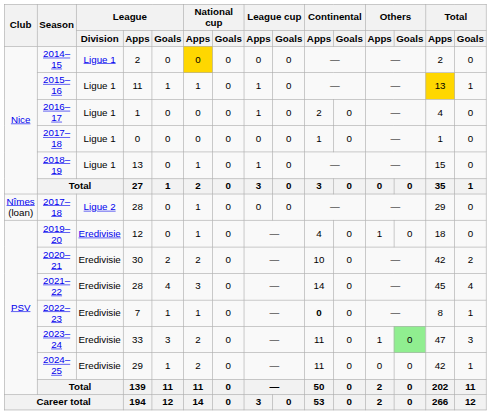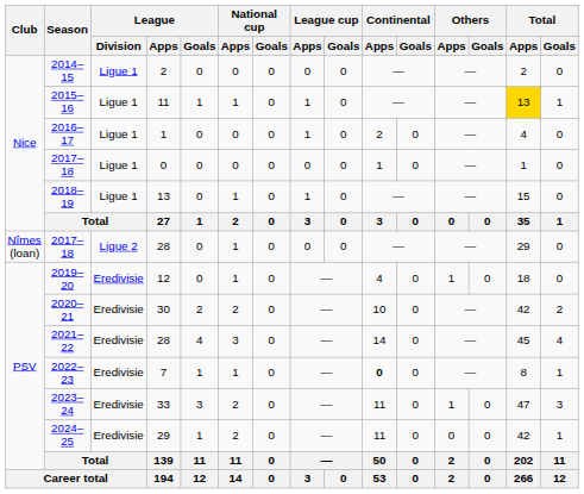 <table class="wikitable" style="text-align:center">
 <tr>
 <th rowspan="2">Club</th>
 <th rowspan="2">Season</th>
 <th colspan="3">League</th>
 <th colspan="2">National cup</th>
 <th colspan="2">League cup</th>
 <th colspan="2">Continental</th>
 <th colspan="2">Others</th>
 <th colspan="2">Total</th>
 </tr>
 <tr>
 <th>Division</th>
 <th>Apps</th>
 <th>Goals</th>
 <th>Apps</th>
 <th>Goals</th>
 <th>Apps</th>
 <th>Goals</th>
 <th>Apps</th>
 <th>Goals</th>
 <th>Apps</th>
 <th>Goals</th>
 <th>Apps</th>
 <th>Goals</th>
 </tr>
 <tr>
 <td rowspan="6"><a href='#'>Nice</a></td>
 <td><a href='#'>2014–15</a></td>
 <td><a href='#'>Ligue 1</a></td>
 <td>2</td>
 <td>0</td>
-<td style="background: gold;">0</td>
+<td>0</td>
 <td>0</td>
 <td>0</td>
 <td>0</td>
 <td colspan="2">—</td>
 <td colspan="2">—</td>
 <td>2</td>
 <td>0</td>
 </tr>
 <tr>
 <td><a href='#'>2015–16</a></td>
 <td>Ligue 1</td>
 <td>11</td>
 <td>1</td>
 <td>1</td>
 <td>0</td>
 <td>1</td>
 <td>0</td>
 <td colspan="2">—</td>
 <td colspan="2">—</td>
 <td style="background: gold;">13</td>
 <td>1</td>
 </tr>
 <tr>
 <td><a href='#'>2016–17</a></td>
 <td>Ligue 1</td>
 <td>1</td>
 <td>0</td>
 <td>0</td>
 <td>0</td>
 <td>1</td>
 <td>0</td>
 <td>2</td>
 <td>0</td>
 <td colspan="2">—</td>
 <td>4</td>
 <td>0</td>
 </tr>
 <tr>
 <td><a href='#'>2017–18</a></td>
 <td>Ligue 1</td>
 <td>0</td>
 <td>0</td>
 <td>0</td>
 <td>0</td>
 <td>0</td>
 <td>0</td>
 <td>1</td>
 <td>0</td>
 <td colspan="2">—</td>
 <td>1</td>
 <td>0</td>
 </tr>
 <tr>
 <td><a href='#'>2018–19</a></td>
 <td>Ligue 1</td>
 <td>13</td>
 <td>0</td>
 <td>1</td>
 <td>0</td>
 <td>1</td>
 <td>0</td>
 <td colspan="2">—</td>
 <td colspan="2">—</td>
 <td>15</td>
 <td>0</td>
 </tr>
 <tr>
 <th colspan="2">Total</th>
 <th>27</th>
 <th>1</th>
 <th>2</th>
 <th>0</th>
 <th>3</th>
 <th>0</th>
 <th>3</th>
 <th>0</th>
 <th>0</th>
 <th>0</th>
 <th>35</th>
 <th>1</th>
 </tr>
 <tr>
 <td><a href='#'>Nîmes</a> (loan)</td>
 <td><a href='#'>2017–18</a></td>
 <td><a href='#'>Ligue 2</a></td>
 <td>28</td>
 <td>0</td>
 <td>1</td>
 <td>0</td>
 <td>0</td>
 <td>0</td>
 <td colspan="2">—</td>
 <td colspan="2">—</td>
 <td>29</td>
 <td>0</td>
 </tr>
 <tr>
 <td rowspan="7"><a href='#'>PSV</a></td>
 <td><a href='#'>2019–20</a></td>
 <td><a href='#'>Eredivisie</a></td>
 <td>12</td>
 <td>0</td>
 <td>1</td>
 <td>0</td>
 <td colspan="2">—</td>
 <td>4</td>
 <td>0</td>
 <td>1</td>
 <td>0</td>
 <td>18</td>
 <td>0</td>
 </tr>
 <tr>
 <td><a href='#'>2020–21</a></td>
 <td>Eredivisie</td>
 <td>30</td>
 <td>2</td>
 <td>2</td>
 <td>0</td>
 <td colspan="2">—</td>
 <td>10</td>
 <td>0</td>
 <td colspan="2">—</td>
 <td>42</td>
 <td>2</td>
 </tr>
 <tr>
 <td><a href='#'>2021–22</a></td>
 <td>Eredivisie</td>
 <td>28</td>
 <td>4</td>
 <td>3</td>
 <td>0</td>
 <td colspan="2">—</td>
 <td>14</td>
 <td>0</td>
 <td colspan="2">—</td>
 <td>45</td>
 <td>4</td>
 </tr>
 <tr>
 <td><a href='#'>2022–23</a></td>
 <td>Eredivisie</td>
 <td>7</td>
 <td>1</td>
 <td>1</td>
 <td>0</td>
 <td colspan="2">—</td>
 <td><strong>0</strong></td>
 <td>0</td>
 <td colspan="2">—</td>
 <td>8</td>
 <td>1</td>
 </tr>
 <tr>
 <td><a href='#'>2023–24</a></td>
 <td>Eredivisie</td>
 <td>33</td>
 <td>3</td>
 <td>2</td>
 <td>0</td>
 <td colspan="2">—</td>
 <td>11</td>
 <td>0</td>
 <td>1</td>
-<td style="background: lightgreen;">0</td>
+<td>0</td>
 <td>47</td>
 <td>3</td>
 </tr>
 <tr>
 <td><a href='#'>2024–25</a></td>
 <td>Eredivisie</td>
 <td>29</td>
 <td>1</td>
 <td>2</td>
 <td>0</td>
 <td colspan="2">—</td>
 <td>11</td>
 <td>0</td>
 <td>0</td>
 <td>0</td>
 <td>42</td>
 <td>1</td>
 </tr>
 <tr>
 <th colspan="2">Total</th>
 <th>139</th>
 <th>11</th>
 <th>11</th>
 <th>0</th>
 <th colspan="2">—</th>
 <th>50</th>
 <th>0</th>
 <th>2</th>
 <th>0</th>
 <th>202</th>
 <th>11</th>
 </tr>
 <tr>
 <th colspan="3">Career total</th>
 <th>194</th>
 <th>12</th>
 <th>14</th>
 <th>0</th>
 <th>3</th>
 <th>0</th>
 <th>53</th>
 <th>0</th>
 <th>2</th>
 <th>0</th>
 <th>266</th>
 <th>12</th>
 </tr>
 </table>
